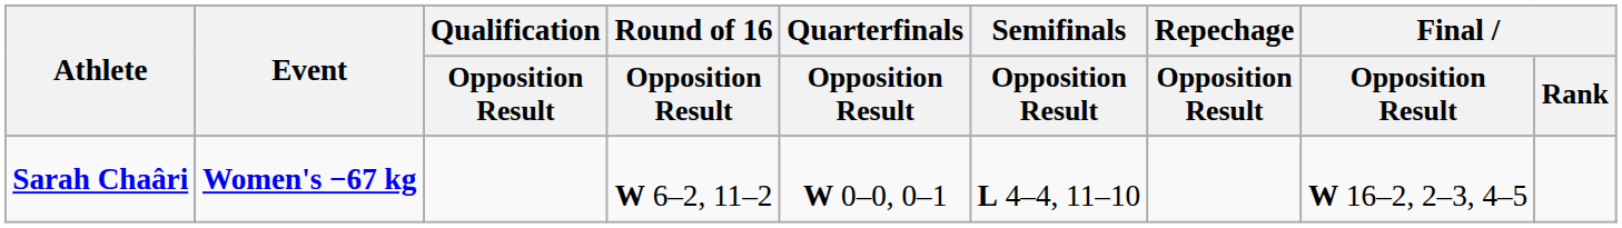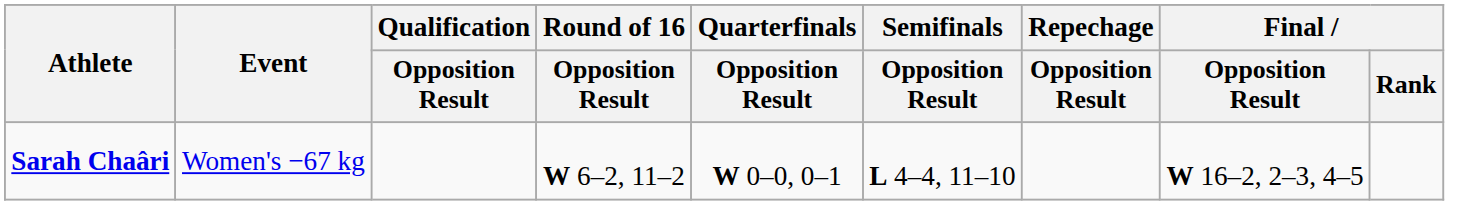 <table class=wikitable style=font-size:90%;text-align:center>
 <tr>
 <th rowspan=2>Athlete</th>
 <th rowspan=2>Event</th>
 <th>Qualification</th>
 <th>Round of 16</th>
 <th>Quarterfinals</th>
 <th>Semifinals</th>
 <th>Repechage</th>
 <th colspan=2>Final / </th>
 </tr>
 <tr style=font-size:95%>
 <th>Opposition<br>Result</th>
 <th>Opposition<br>Result</th>
 <th>Opposition<br>Result</th>
 <th>Opposition<br>Result</th>
 <th>Opposition<br>Result</th>
 <th>Opposition<br>Result</th>
 <th>Rank</th>
 </tr>
 <tr>
 <td align=left><strong><a href='#'>Sarah Chaâri</a></strong></td>
-<td align=left><strong><a href='#'>Women's −67 kg</a></strong></td>
+<td align=left><a href='#'>Women's −67 kg</a></td>
 <td></td>
 <td><br><strong>W</strong> 6–2, 11–2</td>
 <td><br><strong>W</strong> 0–0, 0–1</td>
 <td><br><strong>L</strong> 4–4, 11–10</td>
 <td></td>
 <td><br><strong>W</strong> 16–2, 2–3, 4–5</td>
 <td></td>
 </tr>
 </table>
